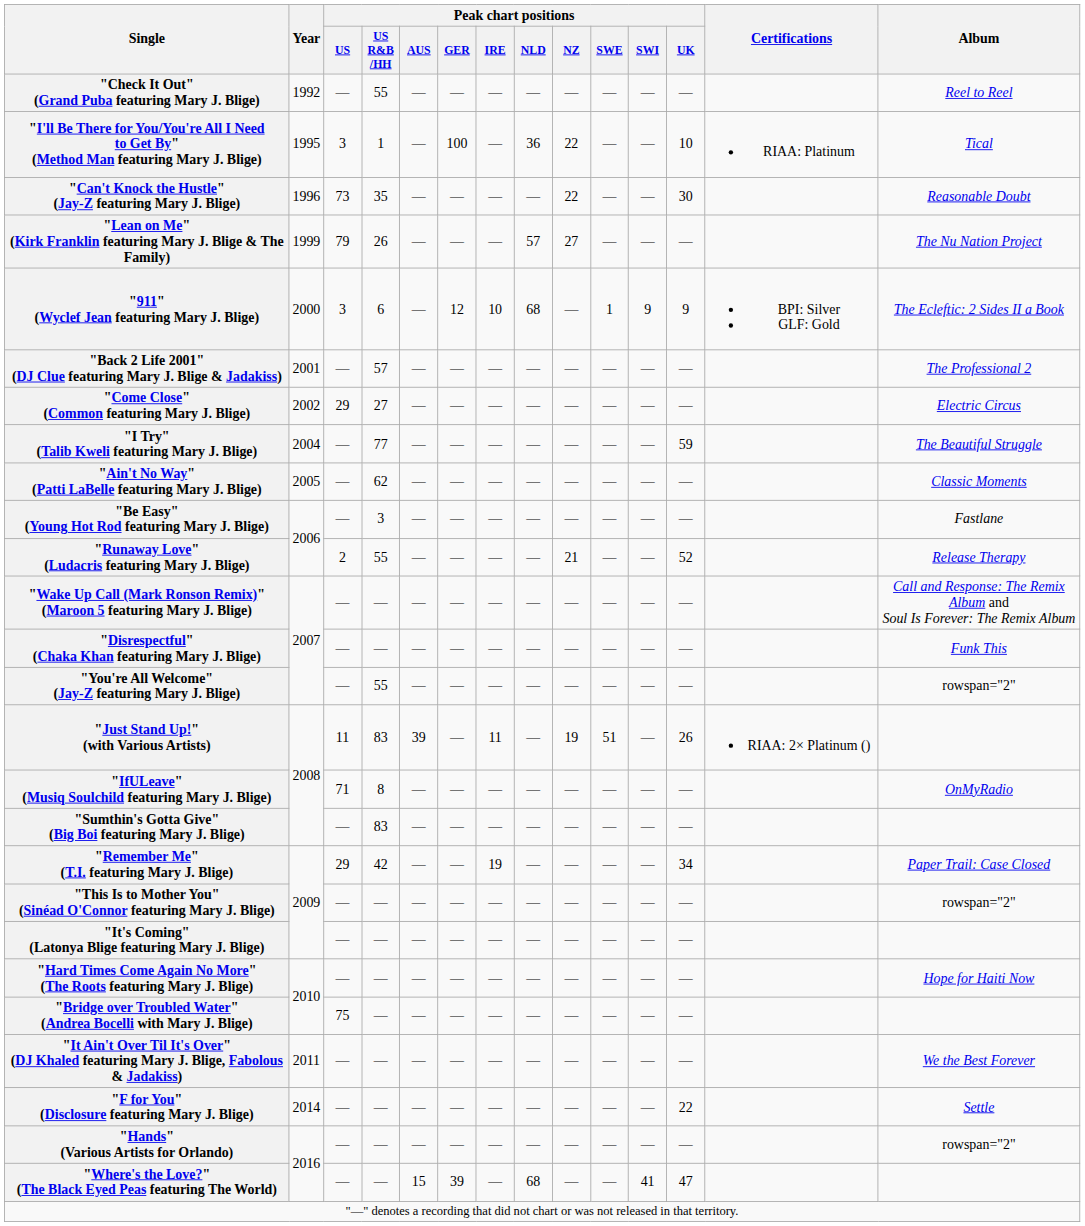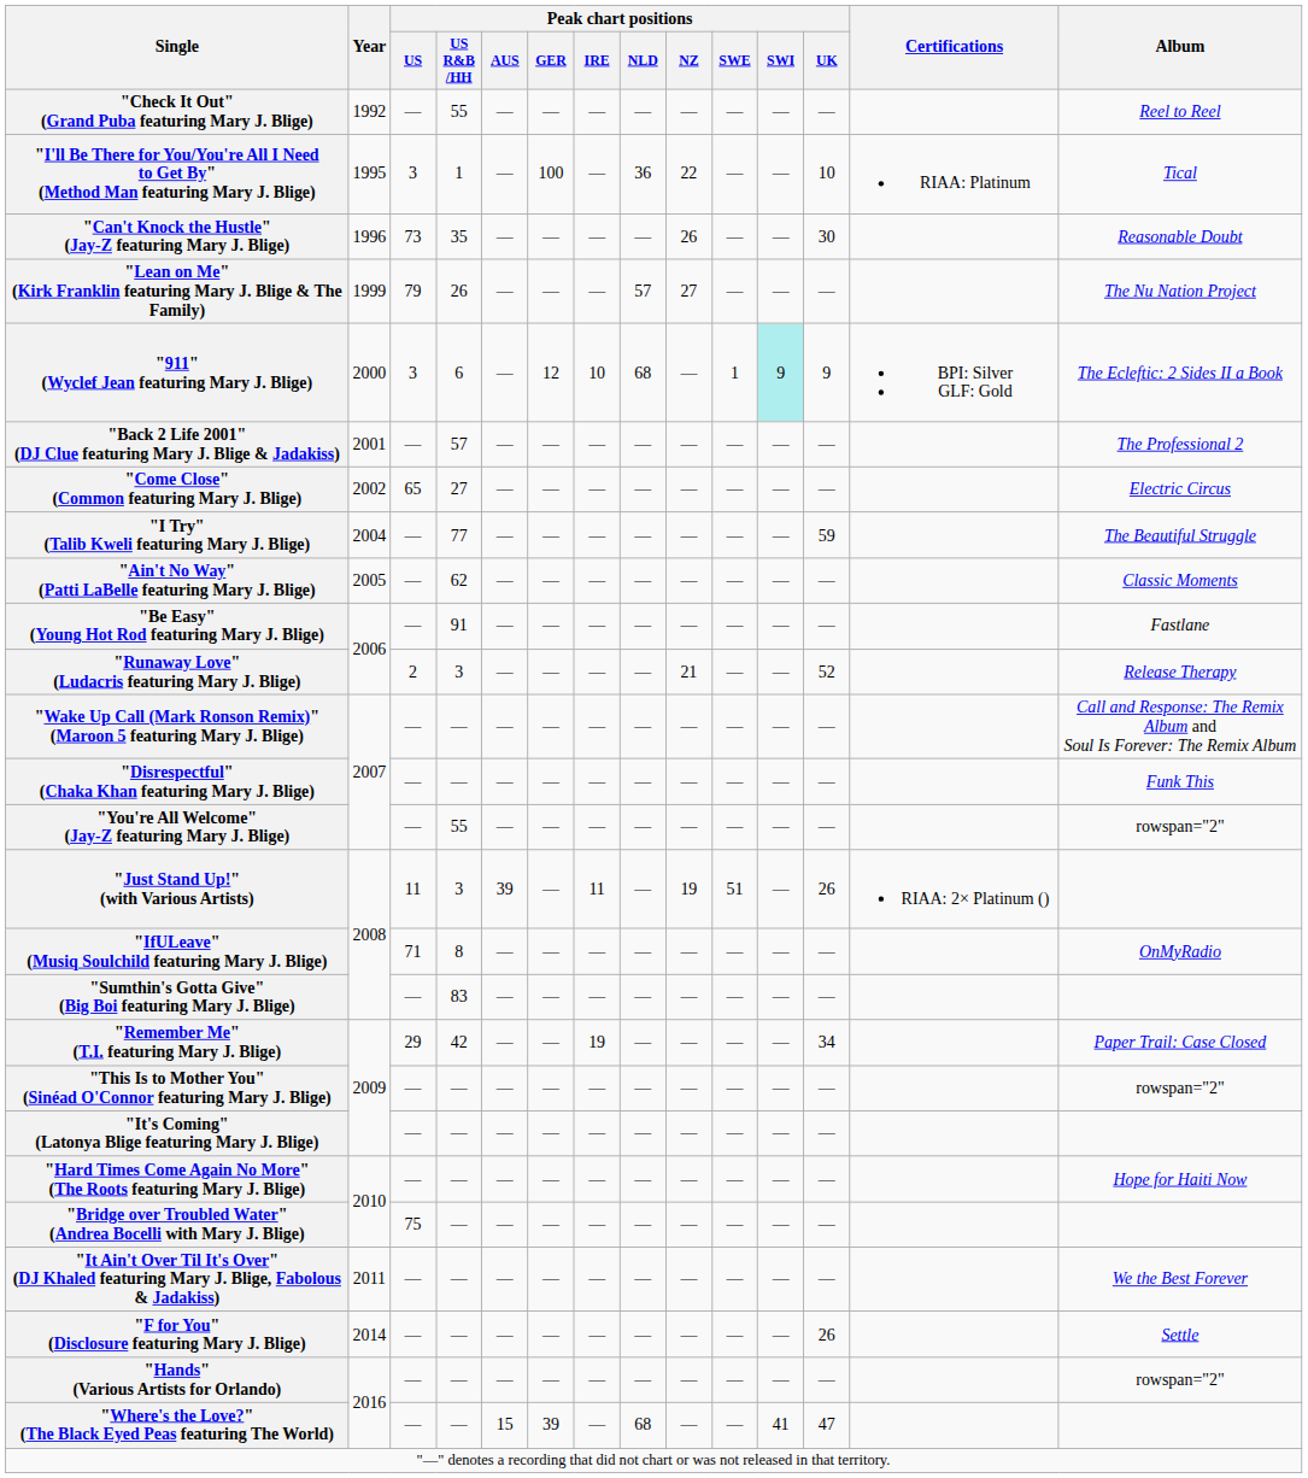 <table class="wikitable plainrowheaders" style="text-align: center;" border="1">
 <tr>
 <th scope="col" rowspan="2" style="width:20em;">Single</th>
 <th scope="col" rowspan="2" style="width:1em;">Year</th>
 <th scope="col"colspan="10">Peak chart positions</th>
 <th scope="col" rowspan="2" style="width:12em;"><a href='#'>Certifications</a></th>
 <th scope="col" rowspan="2" style="width:14em;">Album</th>
 </tr>
 <tr>
 <th scope="col" style="width:2.75em;font-size:85%;"><a href='#'>US</a> <br></th>
 <th scope="col" style="width:2.75em;font-size:85%;"><a href='#'>US R&B<br>/HH</a><br></th>
 <th scope="col" style="width:2.75em;font-size:85%;"><a href='#'>AUS</a><br></th>
 <th scope="col" style="width:2.75em;font-size:85%;"><a href='#'>GER</a><br></th>
 <th scope="col" style="width:2.75em;font-size:85%;"><a href='#'>IRE</a><br></th>
 <th scope="col" style="width:2.75em;font-size:85%;"><a href='#'>NLD</a><br></th>
 <th scope="col" style="width:2.75em;font-size:85%;"><a href='#'>NZ</a><br></th>
 <th scope="col" style="width:2.75em;font-size:85%;"><a href='#'>SWE</a><br></th>
 <th scope="col" style="width:2.75em;font-size:85%;"><a href='#'>SWI</a><br></th>
 <th scope="col" style="width:2.75em;font-size:85%;"><a href='#'>UK</a><br></th>
 </tr>
 <tr>
 <th scope="row">"Check It Out" <br><span>(<a href='#'>Grand Puba</a> featuring Mary J. Blige)</span></th>
 <td>1992</td>
 <td>—</td>
 <td>55</td>
 <td>—</td>
 <td>—</td>
 <td>—</td>
 <td>—</td>
 <td>—</td>
 <td>—</td>
 <td>—</td>
 <td>—</td>
 <td></td>
 <td><em><a href='#'>Reel to Reel</a></em></td>
 </tr>
 <tr>
 <th scope="row">"<a href='#'>I'll Be There for You/You're All I Need <br>to Get By</a>"<br><span>(<a href='#'>Method Man</a> featuring Mary J. Blige)</span></th>
 <td>1995</td>
 <td>3</td>
 <td>1</td>
 <td>—</td>
 <td>100</td>
 <td>—</td>
 <td>36</td>
 <td>22</td>
 <td>—</td>
 <td>—</td>
 <td>10</td>
 <td><br><ul><li>RIAA: Platinum</li></ul></td>
 <td><em><a href='#'>Tical</a></em></td>
 </tr>
 <tr>
 <th scope="row">"<a href='#'>Can't Knock the Hustle</a>" <br><span>(<a href='#'>Jay-Z</a> featuring Mary J. Blige)</span></th>
 <td>1996</td>
 <td>73</td>
 <td>35</td>
 <td>—</td>
 <td>—</td>
 <td>—</td>
 <td>—</td>
-<td>22</td>
+<td>26</td>
 <td>—</td>
 <td>—</td>
 <td>30</td>
 <td></td>
 <td><em><a href='#'>Reasonable Doubt</a></em></td>
 </tr>
 <tr>
 <th scope="row">"<a href='#'>Lean on Me</a>" <br><span>(<a href='#'>Kirk Franklin</a> featuring Mary J. Blige & The Family)</span></th>
 <td>1999</td>
 <td>79</td>
 <td>26</td>
 <td>—</td>
 <td>—</td>
 <td>—</td>
 <td>57</td>
 <td>27</td>
 <td>—</td>
 <td>—</td>
 <td>—</td>
 <td></td>
 <td><em><a href='#'>The Nu Nation Project</a></em></td>
 </tr>
 <tr>
 <th scope="row">"<a href='#'>911</a>" <br><span>(<a href='#'>Wyclef Jean</a> featuring Mary J. Blige)</span></th>
 <td>2000</td>
 <td>3</td>
 <td>6</td>
 <td>—</td>
 <td>12</td>
 <td>10</td>
 <td>68</td>
 <td>—</td>
 <td>1</td>
-<td>9</td>
+<td style="background: paleturquoise;">9</td>
 <td>9</td>
 <td><br><ul><li>BPI: Silver</li><li>GLF: Gold</li></ul></td>
 <td><em><a href='#'>The Ecleftic: 2 Sides II a Book</a></em></td>
 </tr>
 <tr>
 <th scope="row">"Back 2 Life 2001" <br><span>(<a href='#'>DJ Clue</a> featuring Mary J. Blige & <a href='#'>Jadakiss</a>)</span></th>
 <td>2001</td>
 <td>—</td>
 <td>57</td>
 <td>—</td>
 <td>—</td>
 <td>—</td>
 <td>—</td>
 <td>—</td>
 <td>—</td>
 <td>—</td>
 <td>—</td>
 <td></td>
 <td><em><a href='#'>The Professional 2</a></em></td>
 </tr>
 <tr>
 <th scope="row">"<a href='#'>Come Close</a>" <br><span>(<a href='#'>Common</a> featuring Mary J. Blige)</span></th>
 <td>2002</td>
-<td>29</td>
+<td>65</td>
 <td>27</td>
 <td>—</td>
 <td>—</td>
 <td>—</td>
 <td>—</td>
 <td>—</td>
 <td>—</td>
 <td>—</td>
 <td>—</td>
 <td></td>
 <td><em><a href='#'>Electric Circus</a></em></td>
 </tr>
 <tr>
 <th scope="row">"I Try" <br><span>(<a href='#'>Talib Kweli</a> featuring Mary J. Blige)</span></th>
 <td>2004</td>
 <td>—</td>
 <td>77</td>
 <td>—</td>
 <td>—</td>
 <td>—</td>
 <td>—</td>
 <td>—</td>
 <td>—</td>
 <td>—</td>
 <td>59</td>
 <td></td>
 <td><em><a href='#'>The Beautiful Struggle</a></em></td>
 </tr>
 <tr>
 <th scope="row">"<a href='#'>Ain't No Way</a>" <br><span>(<a href='#'>Patti LaBelle</a> featuring Mary J. Blige)</span></th>
 <td>2005</td>
 <td>—</td>
 <td>62</td>
 <td>—</td>
 <td>—</td>
 <td>—</td>
 <td>—</td>
 <td>—</td>
 <td>—</td>
 <td>—</td>
 <td>—</td>
 <td></td>
 <td><em><a href='#'>Classic Moments</a></em></td>
 </tr>
 <tr>
 <th scope="row">"Be Easy" <br><span>(<a href='#'>Young Hot Rod</a> featuring Mary J. Blige)</span></th>
 <td rowspan="2">2006</td>
 <td>—</td>
-<td>3</td>
+<td>91</td>
 <td>—</td>
 <td>—</td>
 <td>—</td>
 <td>—</td>
 <td>—</td>
 <td>—</td>
 <td>—</td>
 <td>—</td>
 <td></td>
 <td><em>Fastlane</em></td>
 </tr>
 <tr>
 <th scope="row">"<a href='#'>Runaway Love</a>" <br><span>(<a href='#'>Ludacris</a> featuring Mary J. Blige)</span></th>
 <td>2</td>
-<td>55</td>
+<td>3</td>
 <td>—</td>
 <td>—</td>
 <td>—</td>
 <td>—</td>
 <td>21</td>
 <td>—</td>
 <td>—</td>
 <td>52</td>
 <td></td>
 <td><em><a href='#'>Release Therapy</a></em></td>
 </tr>
 <tr>
 <th scope="row">"<a href='#'>Wake Up Call (Mark Ronson Remix)</a>" <br><span>(<a href='#'>Maroon 5</a> featuring Mary J. Blige)</span></th>
 <td rowspan="3">2007</td>
 <td>—</td>
 <td>—</td>
 <td>—</td>
 <td>—</td>
 <td>—</td>
 <td>—</td>
 <td>—</td>
 <td>—</td>
 <td>—</td>
 <td>—</td>
 <td></td>
 <td><em><a href='#'>Call and Response: The Remix Album</a></em> and <br> <em>Soul Is Forever: The Remix Album</em></td>
 </tr>
 <tr>
 <th scope="row">"<a href='#'>Disrespectful</a>" <br><span>(<a href='#'>Chaka Khan</a> featuring Mary J. Blige)</span></th>
 <td>—</td>
 <td>—</td>
 <td>—</td>
 <td>—</td>
 <td>—</td>
 <td>—</td>
 <td>—</td>
 <td>—</td>
 <td>—</td>
 <td>—</td>
 <td></td>
 <td><em><a href='#'>Funk This</a></em></td>
 </tr>
 <tr>
 <th scope="row">"You're All Welcome" <br><span>(<a href='#'>Jay-Z</a> featuring Mary J. Blige)</span></th>
 <td>—</td>
 <td>55</td>
 <td>—</td>
 <td>—</td>
 <td>—</td>
 <td>—</td>
 <td>—</td>
 <td>—</td>
 <td>—</td>
 <td>—</td>
 <td></td>
 <td>rowspan="2" </td>
 </tr>
 <tr>
 <th scope="row">"<a href='#'>Just Stand Up!</a>" <br><span>(with Various Artists)</span></th>
 <td rowspan="3">2008</td>
 <td>11</td>
-<td>83</td>
+<td>3</td>
 <td>39</td>
 <td>—</td>
 <td>11</td>
 <td>—</td>
 <td>19</td>
 <td>51</td>
 <td>—</td>
 <td>26</td>
 <td><br><ul><li>RIAA: 2× Platinum ()</li></ul></td>
 </tr>
 <tr>
 <th scope="row">"<a href='#'>IfULeave</a>" <br><span>(<a href='#'>Musiq Soulchild</a> featuring Mary J. Blige)</span></th>
 <td>71</td>
 <td>8</td>
 <td>—</td>
 <td>—</td>
 <td>—</td>
 <td>—</td>
 <td>—</td>
 <td>—</td>
 <td>—</td>
 <td>—</td>
 <td></td>
 <td><em><a href='#'>OnMyRadio</a></em></td>
 </tr>
 <tr>
 <th scope="row">"Sumthin's Gotta Give" <br><span>(<a href='#'>Big Boi</a> featuring Mary J. Blige)</span></th>
 <td>—</td>
 <td>83</td>
 <td>—</td>
 <td>—</td>
 <td>—</td>
 <td>—</td>
 <td>—</td>
 <td>—</td>
 <td>—</td>
 <td>—</td>
 <td></td>
 <td></td>
 </tr>
 <tr>
 <th scope="row">"<a href='#'>Remember Me</a>" <br><span>(<a href='#'>T.I.</a> featuring Mary J. Blige)</span></th>
 <td rowspan="3">2009</td>
 <td>29</td>
 <td>42</td>
 <td>—</td>
 <td>—</td>
 <td>19</td>
 <td>—</td>
 <td>—</td>
 <td>—</td>
 <td>—</td>
 <td>34</td>
 <td></td>
 <td><em><a href='#'>Paper Trail: Case Closed</a></em></td>
 </tr>
 <tr>
 <th scope="row">"This Is to Mother You" <br><span>(<a href='#'>Sinéad O'Connor</a> featuring Mary J. Blige)</span></th>
 <td>—</td>
 <td>—</td>
 <td>—</td>
 <td>—</td>
 <td>—</td>
 <td>—</td>
 <td>—</td>
 <td>—</td>
 <td>—</td>
 <td>—</td>
 <td></td>
 <td>rowspan="2" </td>
 </tr>
 <tr>
 <th scope="row">"It's Coming" <br><span>(Latonya Blige featuring Mary J. Blige)</span></th>
 <td>—</td>
 <td>—</td>
 <td>—</td>
 <td>—</td>
 <td>—</td>
 <td>—</td>
 <td>—</td>
 <td>—</td>
 <td>—</td>
 <td>—</td>
 <td></td>
 </tr>
 <tr>
 <th scope="row">"<a href='#'>Hard Times Come Again No More</a>" <br><span>(<a href='#'>The Roots</a> featuring Mary J. Blige)</span></th>
 <td rowspan="2">2010</td>
 <td>—</td>
 <td>—</td>
 <td>—</td>
 <td>—</td>
 <td>—</td>
 <td>—</td>
 <td>—</td>
 <td>—</td>
 <td>—</td>
 <td>—</td>
 <td></td>
 <td><em><a href='#'>Hope for Haiti Now</a></em></td>
 </tr>
 <tr>
 <th scope="row">"<a href='#'>Bridge over Troubled Water</a>" <br><span>(<a href='#'>Andrea Bocelli</a> with Mary J. Blige)</span></th>
 <td>75</td>
 <td>—</td>
 <td>—</td>
 <td>—</td>
 <td>—</td>
 <td>—</td>
 <td>—</td>
 <td>—</td>
 <td>—</td>
 <td>—</td>
 <td></td>
 <td></td>
 </tr>
 <tr>
 <th scope="row">"<a href='#'>It Ain't Over Til It's Over</a>" <br><span>(<a href='#'>DJ Khaled</a> featuring Mary J. Blige, <a href='#'>Fabolous</a> & <a href='#'>Jadakiss</a>)</span></th>
 <td>2011</td>
 <td>—</td>
 <td>—</td>
 <td>—</td>
 <td>—</td>
 <td>—</td>
 <td>—</td>
 <td>—</td>
 <td>—</td>
 <td>—</td>
 <td>—</td>
 <td></td>
 <td><em><a href='#'>We the Best Forever</a></em></td>
 </tr>
 <tr>
 <th scope="row">"<a href='#'>F for You</a>" <br><span>(<a href='#'>Disclosure</a> featuring Mary J. Blige)</span></th>
 <td>2014</td>
 <td>—</td>
 <td>—</td>
 <td>—</td>
 <td>—</td>
 <td>—</td>
 <td>—</td>
 <td>—</td>
 <td>—</td>
 <td>—</td>
-<td>22</td>
+<td>26</td>
 <td></td>
 <td><em><a href='#'>Settle</a></em></td>
 </tr>
 <tr>
 <th scope="row">"<a href='#'>Hands</a>"<br><span>(Various Artists for Orlando)</span></th>
 <td rowspan="2">2016</td>
 <td>—</td>
 <td>—</td>
 <td>—</td>
 <td>—</td>
 <td>—</td>
 <td>—</td>
 <td>—</td>
 <td>—</td>
 <td>—</td>
 <td>—</td>
 <td></td>
 <td>rowspan="2" </td>
 </tr>
 <tr>
 <th scope="row">"<a href='#'>Where's the Love?</a>" <br><span>(<a href='#'>The Black Eyed Peas</a> featuring The World)</span></th>
 <td>—</td>
 <td>—</td>
 <td>15</td>
 <td>39</td>
 <td>—</td>
 <td>68</td>
 <td>—</td>
 <td>—</td>
 <td>41</td>
 <td>47</td>
 <td></td>
 </tr>
 <tr>
 <td colspan="15" style="font-size:90%">"—" denotes a recording that did not chart or was not released in that territory.</td>
 </tr>
 </table>
